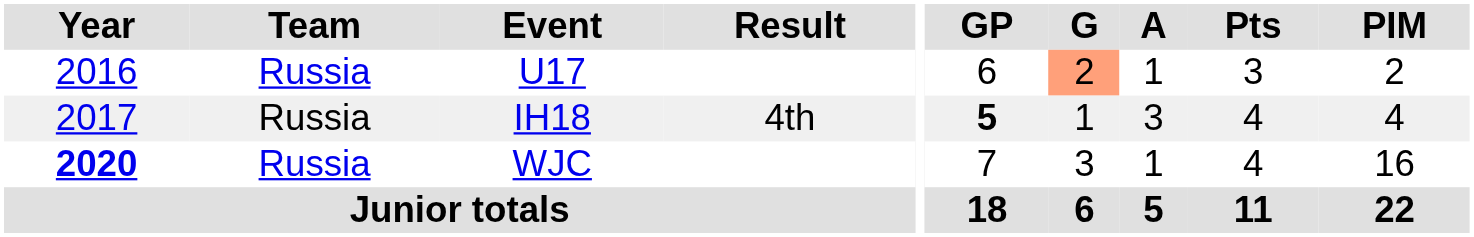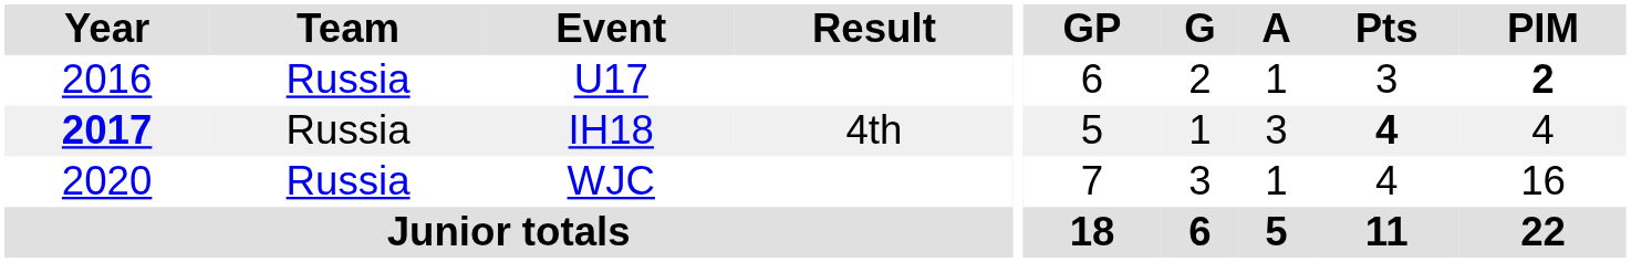 <table border="0" cellpadding="1" cellspacing="0" ID="Table3" style="text-align:center; width:40em">
 <tr bgcolor="#e0e0e0">
 <th>Year</th>
 <th>Team</th>
 <th>Event</th>
 <th>Result</th>
 <th rowspan="99" bgcolor="#ffffff"></th>
 <th>GP</th>
 <th>G</th>
 <th>A</th>
 <th>Pts</th>
 <th>PIM</th>
 </tr>
 <tr>
 <td><a href='#'>2016</a></td>
 <td><a href='#'>Russia</a></td>
 <td><a href='#'>U17</a></td>
 <td></td>
 <td>6</td>
-<td style="background: lightsalmon;">2</td>
+<td>2</td>
 <td>1</td>
 <td>3</td>
-<td>2</td>
+<td><strong>2</strong></td>
 </tr>
 <tr bgcolor="#f0f0f0">
-<td><a href='#'>2017</a></td>
+<td><strong><a href='#'>2017</a></strong></td>
 <td>Russia</td>
 <td><a href='#'>IH18</a></td>
 <td>4th</td>
-<td><strong>5</strong></td>
+<td>5</td>
 <td>1</td>
 <td>3</td>
-<td>4</td>
+<td><strong>4</strong></td>
 <td>4</td>
 </tr>
 <tr>
-<td><strong><a href='#'>2020</a></strong></td>
+<td><a href='#'>2020</a></td>
 <td><a href='#'>Russia</a></td>
 <td><a href='#'>WJC</a></td>
 <td></td>
 <td>7</td>
 <td>3</td>
 <td>1</td>
 <td>4</td>
 <td>16</td>
 </tr>
 <tr bgcolor="#e0e0e0">
 <th colspan="4">Junior totals</th>
 <th>18</th>
 <th>6</th>
 <th>5</th>
 <th>11</th>
 <th>22</th>
 </tr>
 </table>
